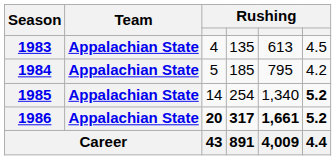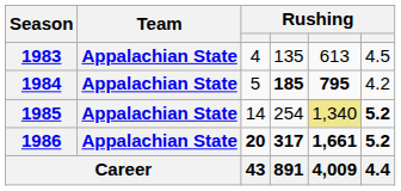 <table class="wikitable" style="text-align:center;">
 <tr>
 <th rowspan="2">Season</th>
 <th rowspan="2">Team</th>
 <th colspan="4">Rushing</th>
 </tr>
 <tr>
 <th></th>
 <th></th>
 <th></th>
 <th></th>
 </tr>
 <tr>
 <th><a href='#'>1983</a></th>
 <th><a href='#'>Appalachian State</a></th>
 <td>4</td>
 <td>135</td>
 <td>613</td>
 <td>4.5</td>
 </tr>
 <tr>
 <th><a href='#'>1984</a></th>
 <th><a href='#'>Appalachian State</a></th>
 <td>5</td>
-<td>185</td>
-<td>795</td>
+<td><strong>185</strong></td>
+<td><strong>795</strong></td>
 <td>4.2</td>
 </tr>
 <tr>
 <th><a href='#'>1985</a></th>
 <th><a href='#'>Appalachian State</a></th>
 <td>14</td>
 <td>254</td>
-<td>1,340</td>
+<td style="background: khaki;">1,340</td>
 <td><strong>5.2</strong></td>
 </tr>
 <tr>
 <th><a href='#'>1986</a></th>
 <th><a href='#'>Appalachian State</a></th>
 <td><strong>20</strong></td>
 <td><strong>317</strong></td>
 <td><strong>1,661</strong></td>
 <td><strong>5.2</strong></td>
 </tr>
 <tr>
 <th colspan="2">Career</th>
 <th>43</th>
 <th>891</th>
 <th>4,009</th>
 <th>4.4</th>
 </tr>
 </table>
